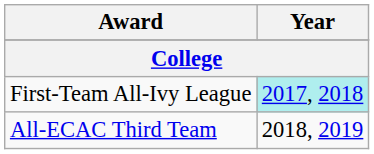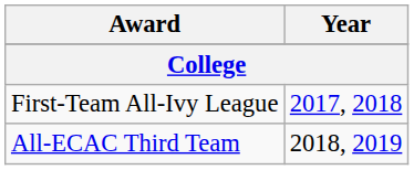 <table class="wikitable">
 <tr>
 <th>Award</th>
 <th>Year</th>
 </tr>
 <tr>
 </tr>
 <tr>
 <th colspan="2"><a href='#'>College</a></th>
 </tr>
 <tr>
 <td>First-Team All-Ivy League</td>
-<td style="background: paleturquoise;"><a href='#'>2017</a>, <a href='#'>2018</a></td>
+<td><a href='#'>2017</a>, <a href='#'>2018</a></td>
 </tr>
 <tr>
 <td><a href='#'>All-ECAC Third Team</a></td>
 <td>2018, <a href='#'>2019</a></td>
 </tr>
 </table>
